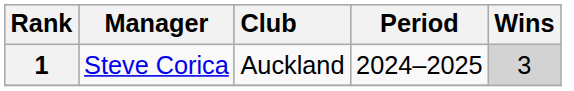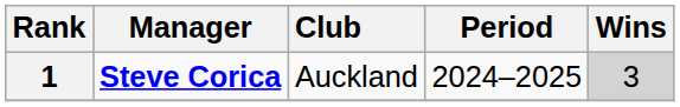 <table class="wikitable sortable" style="text-align:center">
 <tr>
 <th>Rank</th>
 <th>Manager</th>
 <th style="text-align:left;">Club</th>
 <th>Period</th>
 <th>Wins</th>
 </tr>
 <tr>
 <th align=center>1</th>
-<td style="text-align:left;"> <a href='#'>Steve Corica</a></td>
+<td style="text-align:left;"><strong> <a href='#'>Steve Corica</a></strong></td>
 <td>Auckland</td>
 <td>2024–2025</td>
 <td style="background: lightgrey;">3</td>
 </tr>
 <tr>
 </tr>
 </table>
